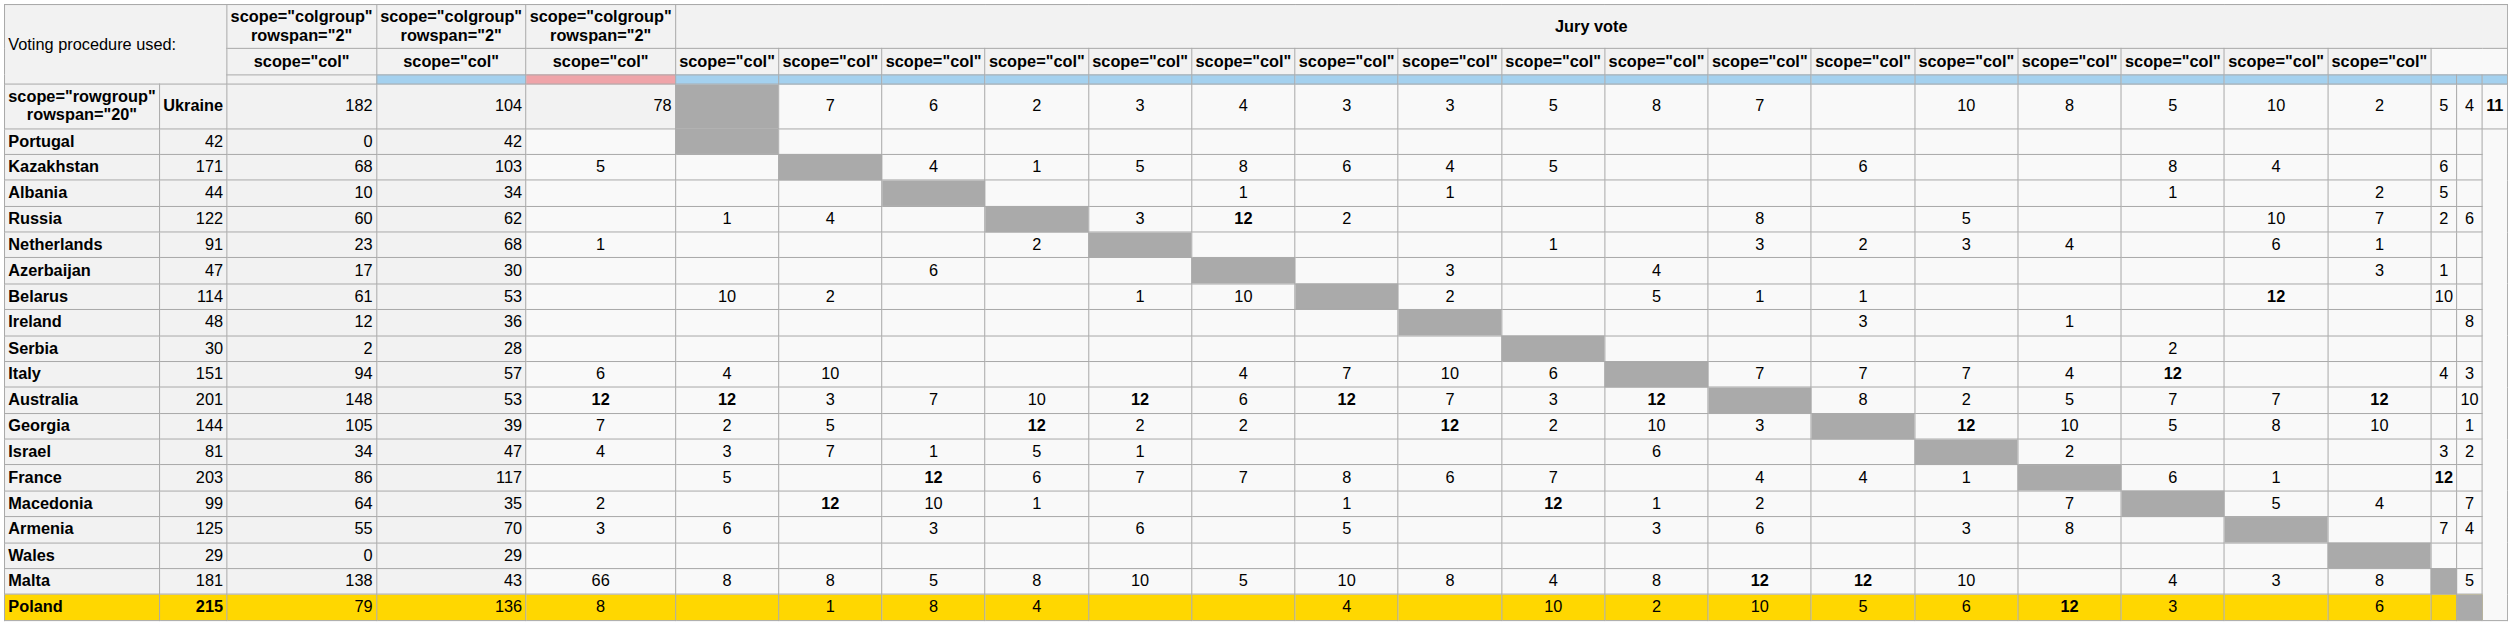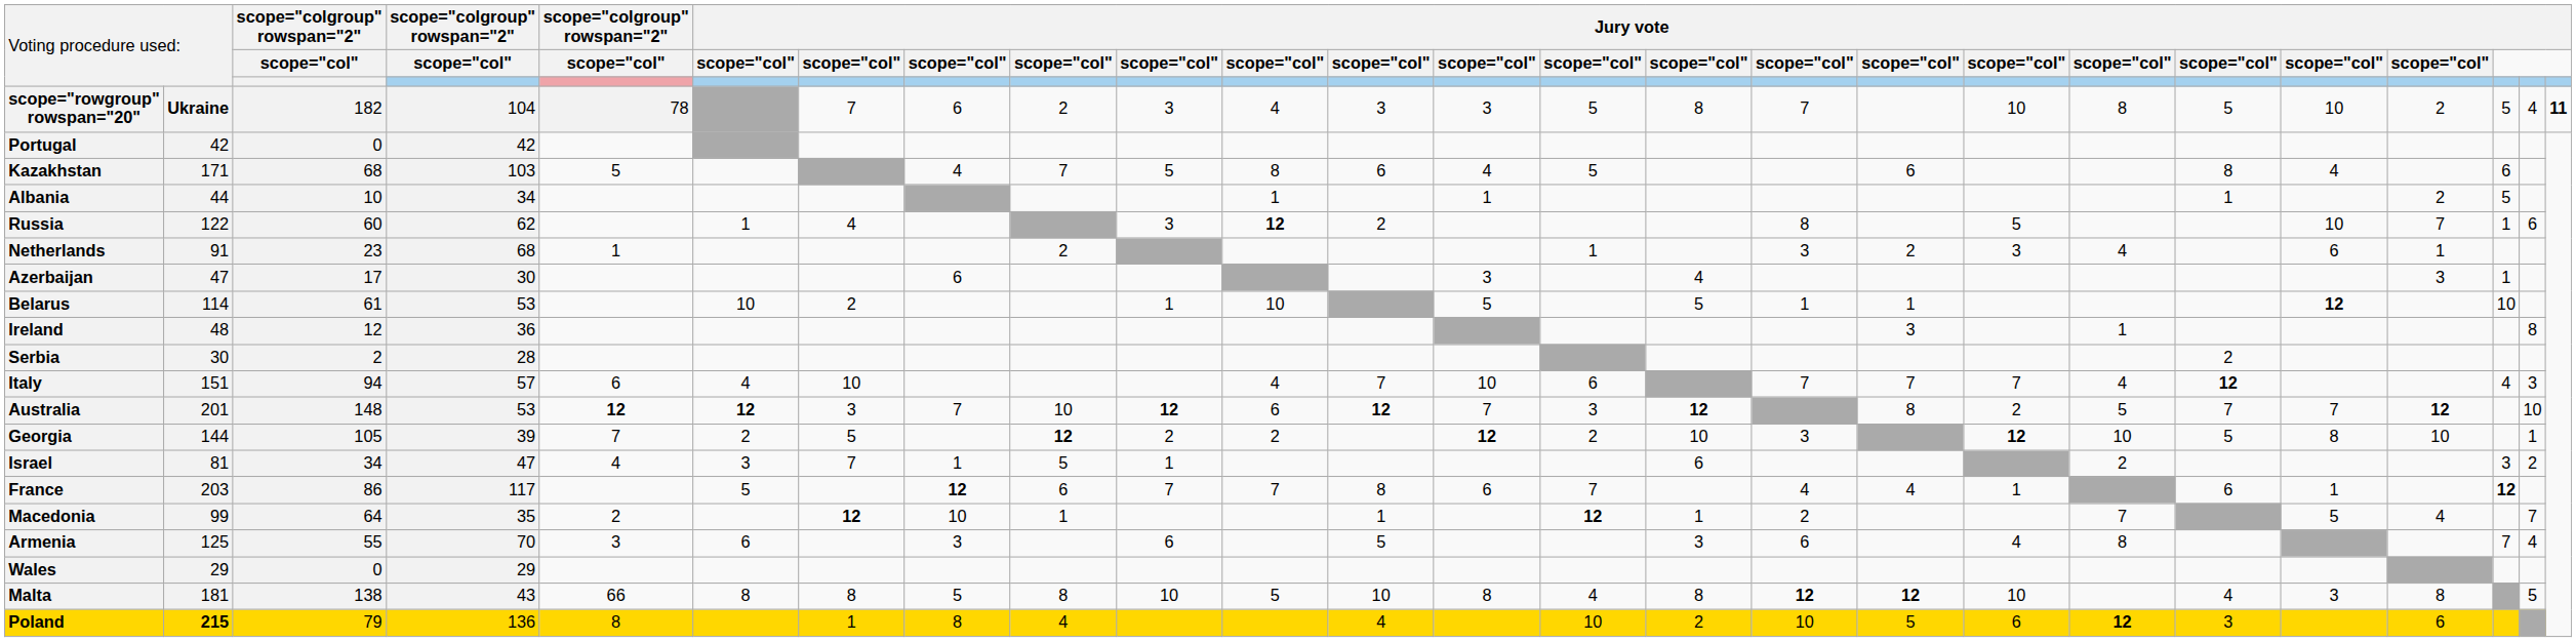 <table class="wikitable plainrowheaders" style="text-align:center;">
 <tr>
 </tr>
 <tr>
 <td colspan="2" rowspan="3" style="text-align:left; background:#F2F2F2">Voting procedure used:<br></td>
 <th>scope="colgroup" rowspan="2" </th>
 <th>scope="colgroup" rowspan="2" </th>
 <th>scope="colgroup" rowspan="2" </th>
 <th scope="colgroup" colspan="20">Jury vote</th>
 </tr>
 <tr>
 <th>scope="col" </th>
 <th>scope="col" </th>
 <th>scope="col" </th>
 <th>scope="col" </th>
 <th>scope="col" </th>
 <th>scope="col" </th>
 <th>scope="col" </th>
 <th>scope="col" </th>
 <th>scope="col" </th>
 <th>scope="col" </th>
 <th>scope="col" </th>
 <th>scope="col" </th>
 <th>scope="col" </th>
 <th>scope="col" </th>
 <th>scope="col" </th>
 <th>scope="col" </th>
 <th>scope="col" </th>
 <th>scope="col" </th>
 <th>scope="col" </th>
 <th>scope="col" </th>
 </tr>
 <tr>
 <th style="height:2px; border-top:1px solid transparent;"></th>
 <td style="background:#A4D1EF;"></td>
 <td style="background:#EFA4A9;"></td>
 <td style="background:#A4D1EF;"></td>
 <td style="background:#A4D1EF;"></td>
 <td style="background:#A4D1EF;"></td>
 <td style="background:#A4D1EF;"></td>
 <td style="background:#A4D1EF;"></td>
 <td style="background:#A4D1EF;"></td>
 <td style="background:#A4D1EF;"></td>
 <td style="background:#A4D1EF;"></td>
 <td style="background:#A4D1EF;"></td>
 <td style="background:#A4D1EF;"></td>
 <td style="background:#A4D1EF;"></td>
 <td style="background:#A4D1EF;"></td>
 <td style="background:#A4D1EF;"></td>
 <td style="background:#A4D1EF;"></td>
 <td style="background:#A4D1EF;"></td>
 <td style="background:#A4D1EF;"></td>
 <td style="background:#A4D1EF;"></td>
 <td style="background:#A4D1EF;"></td>
 <td style="background:#A4D1EF;"></td>
 <td style="background:#A4D1EF;"></td>
 </tr>
 <tr>
 <th>scope="rowgroup" rowspan="20" </th>
 <th scope="row" style="text-align:left; background:#f2f2f2;">Ukraine</th>
 <td style="text-align:right; background:#f2f2f2;">182</td>
 <td style="text-align:right; background:#f2f2f2;">104</td>
 <td style="text-align:right; background:#f2f2f2;">78</td>
 <td style="text-align:left; background:#aaa;"></td>
 <td>7</td>
 <td>6</td>
 <td>2</td>
 <td>3</td>
 <td>4</td>
 <td>3</td>
 <td>3</td>
 <td>5</td>
 <td>8</td>
 <td>7</td>
 <td></td>
 <td>10</td>
 <td>8</td>
 <td>5</td>
 <td>10</td>
 <td>2</td>
 <td>5</td>
 <td>4</td>
 <td><strong>11</strong></td>
 </tr>
 <tr>
 <th scope="row" style="text-align:left; background:#f2f2f2;">Portugal</th>
 <td style="text-align:right; background:#f2f2f2;">42</td>
 <td style="text-align:right; background:#f2f2f2;">0</td>
 <td style="text-align:right; background:#f2f2f2;">42</td>
 <td></td>
 <td style="text-align:left; background:#aaa;"></td>
 <td></td>
 <td></td>
 <td></td>
 <td></td>
 <td></td>
 <td></td>
 <td></td>
 <td></td>
 <td></td>
 <td></td>
 <td></td>
 <td></td>
 <td></td>
 <td></td>
 <td></td>
 <td></td>
 <td></td>
 <td></td>
 </tr>
 <tr>
 <th scope="row" style="text-align:left; background:#f2f2f2;">Kazakhstan</th>
 <td style="text-align:right; background:#f2f2f2;">171</td>
 <td style="text-align:right; background:#f2f2f2;">68</td>
 <td style="text-align:right; background:#f2f2f2;">103</td>
 <td>5</td>
 <td></td>
 <td style="text-align:left; background:#aaa;"></td>
 <td>4</td>
-<td>1</td>
+<td>7</td>
 <td>5</td>
 <td>8</td>
 <td>6</td>
 <td>4</td>
 <td>5</td>
 <td></td>
 <td></td>
 <td>6</td>
 <td></td>
 <td></td>
 <td>8</td>
 <td>4</td>
 <td></td>
 <td>6</td>
 <td></td>
 </tr>
 <tr>
 <th scope="row" style="text-align:left; background:#f2f2f2;">Albania</th>
 <td style="text-align:right; background:#f2f2f2;">44</td>
 <td style="text-align:right; background:#f2f2f2;">10</td>
 <td style="text-align:right; background:#f2f2f2;">34</td>
 <td></td>
 <td></td>
 <td></td>
 <td style="text-align:left; background:#aaa;"></td>
 <td></td>
 <td></td>
 <td>1</td>
 <td></td>
 <td>1</td>
 <td></td>
 <td></td>
 <td></td>
 <td></td>
 <td></td>
 <td></td>
 <td>1</td>
 <td></td>
 <td>2</td>
 <td>5</td>
 <td></td>
 </tr>
 <tr>
 <th scope="row" style="text-align:left; background:#f2f2f2;">Russia</th>
 <td style="text-align:right; background:#f2f2f2;">122</td>
 <td style="text-align:right; background:#f2f2f2;">60</td>
 <td style="text-align:right; background:#f2f2f2;">62</td>
 <td></td>
 <td>1</td>
 <td>4</td>
 <td></td>
 <td style="text-align:left; background:#aaa;"></td>
 <td>3</td>
 <td><strong>12</strong></td>
 <td>2</td>
 <td></td>
 <td></td>
 <td></td>
 <td>8</td>
 <td></td>
 <td>5</td>
 <td></td>
 <td></td>
 <td>10</td>
 <td>7</td>
-<td>2</td>
+<td>1</td>
 <td>6</td>
 </tr>
 <tr>
 <th scope="row" style="text-align:left; background:#f2f2f2;">Netherlands</th>
 <td style="text-align:right; background:#f2f2f2;">91</td>
 <td style="text-align:right; background:#f2f2f2;">23</td>
 <td style="text-align:right; background:#f2f2f2;">68</td>
 <td>1</td>
 <td></td>
 <td></td>
 <td></td>
 <td>2</td>
 <td style="text-align:left; background:#aaa;"></td>
 <td></td>
 <td></td>
 <td></td>
 <td>1</td>
 <td></td>
 <td>3</td>
 <td>2</td>
 <td>3</td>
 <td>4</td>
 <td></td>
 <td>6</td>
 <td>1</td>
 <td></td>
 <td></td>
 </tr>
 <tr>
 <th scope="row" style="text-align:left; background:#f2f2f2;">Azerbaijan</th>
 <td style="text-align:right; background:#f2f2f2;">47</td>
 <td style="text-align:right; background:#f2f2f2;">17</td>
 <td style="text-align:right; background:#f2f2f2;">30</td>
 <td></td>
 <td></td>
 <td></td>
 <td>6</td>
 <td></td>
 <td></td>
 <td style="text-align:left; background:#aaa;"></td>
 <td></td>
 <td>3</td>
 <td></td>
 <td>4</td>
 <td></td>
 <td></td>
 <td></td>
 <td></td>
 <td></td>
 <td></td>
 <td>3</td>
 <td>1</td>
 <td></td>
 </tr>
 <tr>
 <th scope="row" style="text-align:left; background:#f2f2f2;">Belarus</th>
 <td style="text-align:right; background:#f2f2f2;">114</td>
 <td style="text-align:right; background:#f2f2f2;">61</td>
 <td style="text-align:right; background:#f2f2f2;">53</td>
 <td></td>
 <td>10</td>
 <td>2</td>
 <td></td>
 <td></td>
 <td>1</td>
 <td>10</td>
 <td style="text-align:left; background:#aaa;"></td>
-<td>2</td>
+<td>5</td>
 <td></td>
 <td>5</td>
 <td>1</td>
 <td>1</td>
 <td></td>
 <td></td>
 <td></td>
 <td><strong>12</strong></td>
 <td></td>
 <td>10</td>
 <td></td>
 </tr>
 <tr>
 <th scope="row" style="text-align:left; background:#f2f2f2;">Ireland</th>
 <td style="text-align:right; background:#f2f2f2;">48</td>
 <td style="text-align:right; background:#f2f2f2;">12</td>
 <td style="text-align:right; background:#f2f2f2;">36</td>
 <td></td>
 <td></td>
 <td></td>
 <td></td>
 <td></td>
 <td></td>
 <td></td>
 <td></td>
 <td style="text-align:left; background:#aaa;"></td>
 <td></td>
 <td></td>
 <td></td>
 <td>3</td>
 <td></td>
 <td>1</td>
 <td></td>
 <td></td>
 <td></td>
 <td></td>
 <td>8</td>
 </tr>
 <tr>
 <th scope="row" style="text-align:left; background:#f2f2f2;">Serbia</th>
 <td style="text-align:right; background:#f2f2f2;">30</td>
 <td style="text-align:right; background:#f2f2f2;">2</td>
 <td style="text-align:right; background:#f2f2f2;">28</td>
 <td></td>
 <td></td>
 <td></td>
 <td></td>
 <td></td>
 <td></td>
 <td></td>
 <td></td>
 <td></td>
 <td style="text-align:left; background:#aaa;"></td>
 <td></td>
 <td></td>
 <td></td>
 <td></td>
 <td></td>
 <td>2</td>
 <td></td>
 <td></td>
 <td></td>
 <td></td>
 </tr>
 <tr>
 <th scope="row" style="text-align:left; background:#f2f2f2;">Italy</th>
 <td style="text-align:right; background:#f2f2f2;">151</td>
 <td style="text-align:right; background:#f2f2f2;">94</td>
 <td style="text-align:right; background:#f2f2f2;">57</td>
 <td>6</td>
 <td>4</td>
 <td>10</td>
 <td></td>
 <td></td>
 <td></td>
 <td>4</td>
 <td>7</td>
 <td>10</td>
 <td>6</td>
 <td style="text-align:left; background:#aaa;"></td>
 <td>7</td>
 <td>7</td>
 <td>7</td>
 <td>4</td>
 <td><strong>12</strong></td>
 <td></td>
 <td></td>
 <td>4</td>
 <td>3</td>
 </tr>
 <tr>
 <th scope="row" style="text-align:left; background:#f2f2f2;">Australia</th>
 <td style="text-align:right; background:#f2f2f2;">201</td>
 <td style="text-align:right; background:#f2f2f2;">148</td>
 <td style="text-align:right; background:#f2f2f2;">53</td>
 <td><strong>12</strong></td>
 <td><strong>12</strong></td>
 <td>3</td>
 <td>7</td>
 <td>10</td>
 <td><strong>12</strong></td>
 <td>6</td>
 <td><strong>12</strong></td>
 <td>7</td>
 <td>3</td>
 <td><strong>12</strong></td>
 <td style="text-align:left; background:#aaa;"></td>
 <td>8</td>
 <td>2</td>
 <td>5</td>
 <td>7</td>
 <td>7</td>
 <td><strong>12</strong></td>
 <td></td>
 <td>10</td>
 </tr>
 <tr>
 <th scope="row" style="text-align:left; background:#f2f2f2;">Georgia</th>
 <td style="text-align:right; background:#f2f2f2;">144</td>
 <td style="text-align:right; background:#f2f2f2;">105</td>
 <td style="text-align:right; background:#f2f2f2;">39</td>
 <td>7</td>
 <td>2</td>
 <td>5</td>
 <td></td>
 <td><strong>12</strong></td>
 <td>2</td>
 <td>2</td>
 <td></td>
 <td><strong>12</strong></td>
 <td>2</td>
 <td>10</td>
 <td>3</td>
 <td style="text-align:left; background:#aaa;"></td>
 <td><strong>12</strong></td>
 <td>10</td>
 <td>5</td>
 <td>8</td>
 <td>10</td>
 <td></td>
 <td>1</td>
 </tr>
 <tr>
 <th scope="row" style="text-align:left; background:#f2f2f2;">Israel</th>
 <td style="text-align:right; background:#f2f2f2;">81</td>
 <td style="text-align:right; background:#f2f2f2;">34</td>
 <td style="text-align:right; background:#f2f2f2;">47</td>
 <td>4</td>
 <td>3</td>
 <td>7</td>
 <td>1</td>
 <td>5</td>
 <td>1</td>
 <td></td>
 <td></td>
 <td></td>
 <td></td>
 <td>6</td>
 <td></td>
 <td></td>
 <td style="text-align:left; background:#aaa;"></td>
 <td>2</td>
 <td></td>
 <td></td>
 <td></td>
 <td>3</td>
 <td>2</td>
 </tr>
 <tr>
 <th scope="row" style="text-align:left; background:#f2f2f2;">France</th>
 <td style="text-align:right; background:#f2f2f2;">203</td>
 <td style="text-align:right; background:#f2f2f2;">86</td>
 <td style="text-align:right; background:#f2f2f2;">117</td>
 <td></td>
 <td>5</td>
 <td></td>
 <td><strong>12</strong></td>
 <td>6</td>
 <td>7</td>
 <td>7</td>
 <td>8</td>
 <td>6</td>
 <td>7</td>
 <td></td>
 <td>4</td>
 <td>4</td>
 <td>1</td>
 <td style="text-align:left; background:#aaa;"></td>
 <td>6</td>
 <td>1</td>
 <td></td>
 <td><strong>12</strong></td>
 <td></td>
 </tr>
 <tr>
 <th scope="row" style="text-align:left; background:#f2f2f2;">Macedonia</th>
 <td style="text-align:right; background:#f2f2f2;">99</td>
 <td style="text-align:right; background:#f2f2f2;">64</td>
 <td style="text-align:right; background:#f2f2f2;">35</td>
 <td>2</td>
 <td></td>
 <td><strong>12</strong></td>
 <td>10</td>
 <td>1</td>
 <td></td>
 <td></td>
 <td>1</td>
 <td></td>
 <td><strong>12</strong></td>
 <td>1</td>
 <td>2</td>
 <td></td>
 <td></td>
 <td>7</td>
 <td style="text-align:left; background:#aaa;"></td>
 <td>5</td>
 <td>4</td>
 <td></td>
 <td>7</td>
 </tr>
 <tr>
 <th scope="row" style="text-align:left; background:#f2f2f2;">Armenia</th>
 <td style="text-align:right; background:#f2f2f2;">125</td>
 <td style="text-align:right; background:#f2f2f2;">55</td>
 <td style="text-align:right; background:#f2f2f2;">70</td>
 <td>3</td>
 <td>6</td>
 <td></td>
 <td>3</td>
 <td></td>
 <td>6</td>
 <td></td>
 <td>5</td>
 <td></td>
 <td></td>
 <td>3</td>
 <td>6</td>
 <td></td>
-<td>3</td>
+<td>4</td>
 <td>8</td>
 <td></td>
 <td style="text-align:left; background:#aaa;"></td>
 <td></td>
 <td>7</td>
 <td>4</td>
 </tr>
 <tr>
 <th scope="row" style="text-align:left; background:#f2f2f2;">Wales</th>
 <td style="text-align:right; background:#f2f2f2;">29</td>
 <td style="text-align:right; background:#f2f2f2;">0</td>
 <td style="text-align:right; background:#f2f2f2;">29</td>
 <td></td>
 <td></td>
 <td></td>
 <td></td>
 <td></td>
 <td></td>
 <td></td>
 <td></td>
 <td></td>
 <td></td>
 <td></td>
 <td></td>
 <td></td>
 <td></td>
 <td></td>
 <td></td>
 <td></td>
 <td style="text-align:left; background:#aaa;"></td>
 <td></td>
 <td></td>
 </tr>
 <tr>
 <th scope="row" style="text-align:left; background:#f2f2f2;">Malta</th>
 <td style="text-align:right; background:#f2f2f2;">181</td>
 <td style="text-align:right; background:#f2f2f2;">138</td>
 <td style="text-align:right; background:#f2f2f2;">43</td>
 <td>66</td>
 <td>8</td>
 <td>8</td>
 <td>5</td>
 <td>8</td>
 <td>10</td>
 <td>5</td>
 <td>10</td>
 <td>8</td>
 <td>4</td>
 <td>8</td>
 <td><strong>12</strong></td>
 <td><strong>12</strong></td>
 <td>10</td>
 <td></td>
 <td>4</td>
 <td>3</td>
 <td>8</td>
 <td style="text-align:left; background:#aaa;"></td>
 <td>5</td>
 </tr>
 <tr style="background:gold;">
 <th scope="row" style="text-align:left; font-weight:bold; background:gold;">Poland</th>
 <td style="text-align:right; font-weight:bold;">215</td>
 <td style="text-align:right;">79</td>
 <td style="text-align:right;">136</td>
 <td>8</td>
 <td></td>
 <td>1</td>
 <td>8</td>
 <td>4</td>
 <td></td>
 <td></td>
 <td>4</td>
 <td></td>
 <td>10</td>
 <td>2</td>
 <td>10</td>
 <td>5</td>
 <td>6</td>
 <td><strong>12</strong></td>
 <td>3</td>
 <td></td>
 <td>6</td>
 <td></td>
 <td style="text-align:left; background:#aaa;"></td>
 </tr>
 </table>
